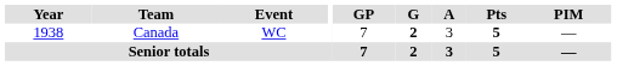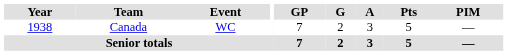 <table border="0" cellpadding="1" cellspacing="0" ID="Table3" style="text-align:center; width:40em">
 <tr bgcolor="#e0e0e0">
 <th>Year</th>
 <th>Team</th>
 <th>Event</th>
 <th rowspan="102" bgcolor="#ffffff"></th>
 <th>GP</th>
 <th>G</th>
 <th>A</th>
 <th>Pts</th>
 <th>PIM</th>
 </tr>
 <tr>
 <td><a href='#'>1938</a></td>
 <td><a href='#'>Canada</a></td>
 <td><a href='#'>WC</a></td>
 <td>7</td>
-<td><strong>2</strong></td>
+<td>2</td>
 <td>3</td>
-<td><strong>5</strong></td>
+<td>5</td>
 <td>—</td>
 </tr>
 <tr bgcolor="#e0e0e0">
 <th colspan="4">Senior totals</th>
 <th>7</th>
 <th>2</th>
 <th>3</th>
 <th>5</th>
 <th>—</th>
 </tr>
 </table>
